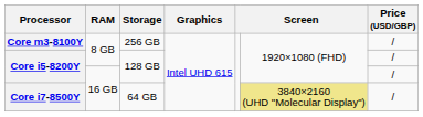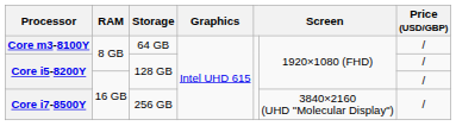 <table class="wikitable sortable" style="font-size:90%;text-align:center;">
 <tr>
 <th>Processor</th>
 <th>RAM</th>
 <th>Storage</th>
 <th>Graphics</th>
 <th colspan=2>Screen</th>
 <th>Price<br><small>(USD/GBP)</small></th>
 </tr>
 <tr>
 <th><a href='#'>Core m3</a>-<a href='#'>8100Y</a></th>
 <td rowspan=2>8 GB</td>
-<td>256 GB</td>
+<td>64 GB</td>
 <td rowspan=4><a href='#'>Intel UHD 615</a></td>
 <td rowspan=4></td>
 <td rowspan=3>1920×1080 (FHD)</td>
 <td> / </td>
 </tr>
 <tr>
 <th rowspan=2><a href='#'>Core i5</a>-<a href='#'>8200Y</a></th>
 <td rowspan=2>128 GB</td>
 <td> / </td>
 </tr>
 <tr>
 <td rowspan=2>16 GB</td>
 <td> / </td>
 </tr>
 <tr>
 <th><a href='#'>Core i7</a>-<a href='#'>8500Y</a></th>
-<td>64 GB</td>
-<td style="background: khaki;">3840×2160<br>(UHD "Molecular Display")</td>
+<td>256 GB</td>
+<td>3840×2160<br>(UHD "Molecular Display")</td>
 <td> / </td>
 </tr>
 </table>
